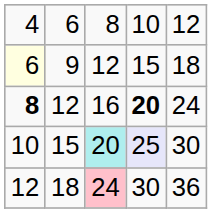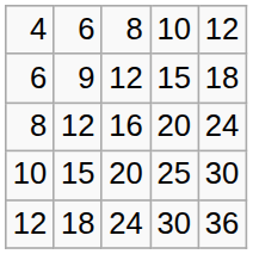 <table class="wikitable" style="text-align:right;">
 <tr>
 <td>4</td>
 <td>6</td>
 <td>8</td>
 <td>10</td>
 <td>12</td>
 </tr>
 <tr>
-<td style="background: lightyellow;">6</td>
+<td>6</td>
 <td>9</td>
 <td>12</td>
 <td>15</td>
 <td>18</td>
 </tr>
 <tr>
-<td><strong>8</strong></td>
+<td>8</td>
 <td>12</td>
 <td>16</td>
-<td><strong>20</strong></td>
+<td>20</td>
 <td>24</td>
 </tr>
 <tr>
 <td>10</td>
 <td>15</td>
-<td style="background: paleturquoise;">20</td>
-<td style="background: lavender;">25</td>
+<td>20</td>
+<td>25</td>
 <td>30</td>
 </tr>
 <tr>
 <td>12</td>
 <td>18</td>
-<td style="background: pink;">24</td>
+<td>24</td>
 <td>30</td>
 <td>36</td>
 </tr>
 </table>
